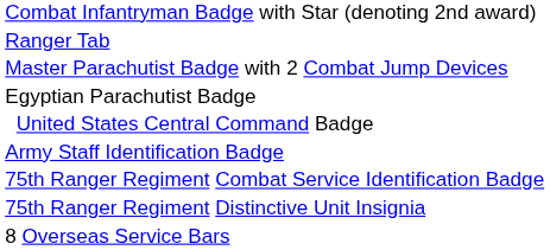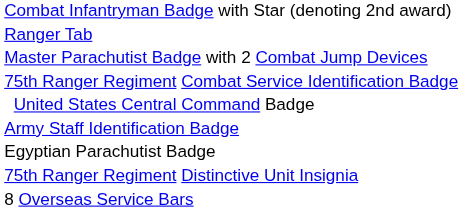 <table>
 <tr>
 <td> <a href='#'>Combat Infantryman Badge</a> with Star (denoting 2nd award)</td>
 </tr>
 <tr>
 <td> <a href='#'>Ranger Tab</a></td>
 </tr>
 <tr>
 <td> <a href='#'>Master Parachutist Badge</a> with 2 <a href='#'>Combat Jump Devices</a></td>
 </tr>
 <tr>
-<td> Egyptian Parachutist Badge</td>
+<td> <a href='#'>75th Ranger Regiment</a> <a href='#'>Combat Service Identification Badge</a></td>
 </tr>
 <tr>
 <td>  <a href='#'>United States Central Command</a> Badge</td>
 </tr>
 <tr>
 <td> <a href='#'>Army Staff Identification Badge</a></td>
 </tr>
 <tr>
-<td> <a href='#'>75th Ranger Regiment</a> <a href='#'>Combat Service Identification Badge</a></td>
+<td> Egyptian Parachutist Badge</td>
 </tr>
 <tr>
 <td> <a href='#'>75th Ranger Regiment</a> <a href='#'>Distinctive Unit Insignia</a></td>
 </tr>
 <tr>
 <td> 8 <a href='#'>Overseas Service Bars</a></td>
 </tr>
 </table>
